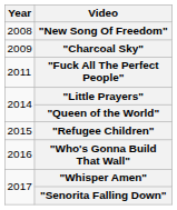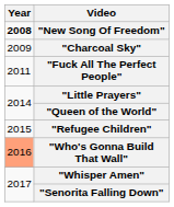 <table class="wikitable plainrowheaders">
 <tr>
 <th>Year</th>
 <th style="width:12em;">Video</th>
 </tr>
 <tr>
-<td>2008</td>
+<td><strong>2008</strong></td>
 <th scope="row">"New Song Of Freedom"</th>
 </tr>
 <tr>
 <td>2009</td>
 <th scope="row">"Charcoal Sky"</th>
 </tr>
 <tr>
 <td>2011</td>
 <th scope="row">"Fuck All The Perfect People"</th>
 </tr>
 <tr>
 <td rowspan="2">2014</td>
 <th scope="row">"Little Prayers"</th>
 </tr>
 <tr>
 <th scope="row">"Queen of the World"</th>
 </tr>
 <tr>
 <td>2015</td>
 <th scope="row">"Refugee Children"</th>
 </tr>
 <tr>
-<td>2016</td>
+<td style="background: lightsalmon;">2016</td>
 <th scope="row">"Who's Gonna Build That Wall"</th>
 </tr>
 <tr>
 <td rowspan="2">2017</td>
 <th scope="row">"Whisper Amen"</th>
 </tr>
 <tr>
 <th scope="row">"Senorita Falling Down"</th>
 </tr>
 </table>
